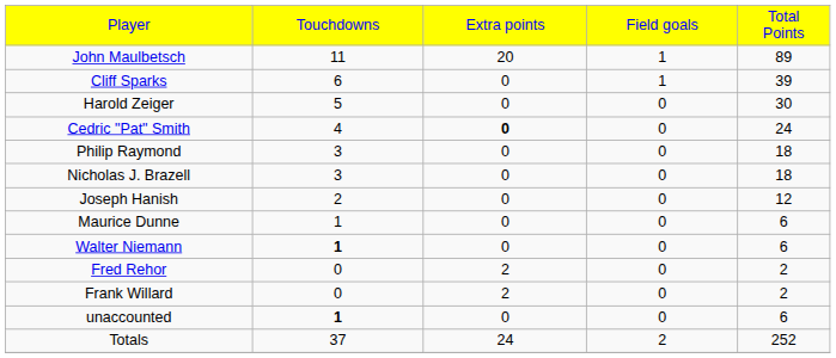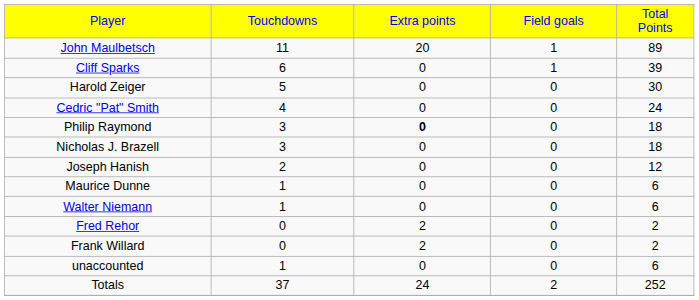 <table class="wikitable" width="70%">
 <tr align="center"  style="background:yellow;color:blue;">
 <td>Player</td>
 <td>Touchdowns</td>
 <td>Extra points</td>
 <td>Field goals</td>
 <td>Total<br>Points</td>
 </tr>
 <tr align="center" bgcolor="">
 <td><a href='#'>John Maulbetsch</a></td>
 <td>11</td>
 <td>20</td>
 <td>1</td>
 <td>89</td>
 </tr>
 <tr align="center" bgcolor="">
 <td><a href='#'>Cliff Sparks</a></td>
 <td>6</td>
 <td>0</td>
 <td>1</td>
 <td>39</td>
 </tr>
 <tr align="center" bgcolor="">
 <td>Harold Zeiger</td>
 <td>5</td>
 <td>0</td>
 <td>0</td>
 <td>30</td>
 </tr>
 <tr align="center" bgcolor="">
 <td><a href='#'>Cedric "Pat" Smith</a></td>
 <td>4</td>
-<td><strong>0</strong></td>
+<td>0</td>
 <td>0</td>
 <td>24</td>
 </tr>
 <tr align="center" bgcolor="">
 <td>Philip Raymond</td>
 <td>3</td>
-<td>0</td>
+<td><strong>0</strong></td>
 <td>0</td>
 <td>18</td>
 </tr>
 <tr align="center" bgcolor="">
 <td>Nicholas J. Brazell</td>
 <td>3</td>
 <td>0</td>
 <td>0</td>
 <td>18</td>
 </tr>
 <tr align="center" bgcolor="">
 <td>Joseph Hanish</td>
 <td>2</td>
 <td>0</td>
 <td>0</td>
 <td>12</td>
 </tr>
 <tr align="center" bgcolor="">
 <td>Maurice Dunne</td>
 <td>1</td>
 <td>0</td>
 <td>0</td>
 <td>6</td>
 </tr>
 <tr align="center" bgcolor="">
 <td><a href='#'>Walter Niemann</a></td>
-<td><strong>1</strong></td>
+<td>1</td>
 <td>0</td>
 <td>0</td>
 <td>6</td>
 </tr>
 <tr align="center" bgcolor="">
 <td><a href='#'>Fred Rehor</a></td>
 <td>0</td>
 <td>2</td>
 <td>0</td>
 <td>2</td>
 </tr>
 <tr align="center" bgcolor="">
 <td>Frank Willard</td>
 <td>0</td>
 <td>2</td>
 <td>0</td>
 <td>2</td>
 </tr>
 <tr align="center" bgcolor="">
 <td>unaccounted</td>
-<td><strong>1</strong></td>
+<td>1</td>
 <td>0</td>
 <td>0</td>
 <td>6</td>
 </tr>
 <tr align="center" bgcolor="">
 <td>Totals</td>
 <td>37</td>
 <td>24</td>
 <td>2</td>
 <td>252</td>
 </tr>
 <tr align="center" bgcolor="">
 </tr>
 </table>
